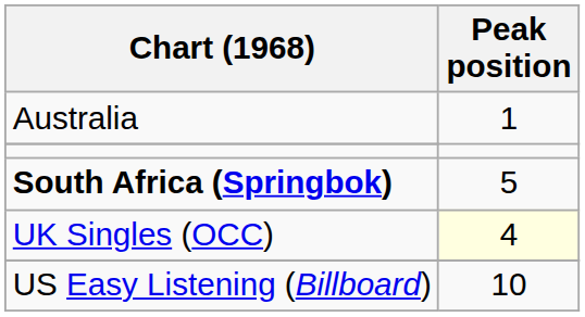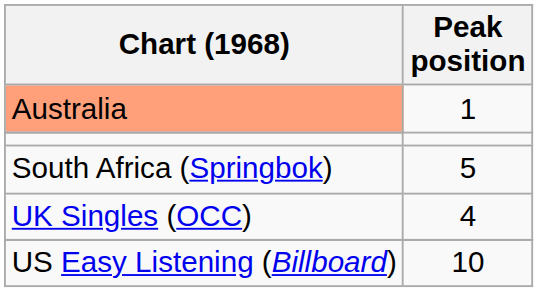 <table class="wikitable sortable">
 <tr>
 <th>Chart (1968)</th>
 <th>Peak<br>position</th>
 </tr>
 <tr>
-<td>Australia</td>
+<td style="background: lightsalmon;">Australia</td>
 <td style="text-align:center;">1</td>
 </tr>
 <tr>
 </tr>
 <tr>
 <td></td>
 </tr>
 <tr>
-<td><strong>South Africa (<a href='#'>Springbok</a>)</strong></td>
+<td>South Africa (<a href='#'>Springbok</a>)</td>
 <td style="text-align:center;">5</td>
 </tr>
 <tr>
 <td><a href='#'>UK Singles</a> (<a href='#'>OCC</a>)</td>
-<td style="background: lightyellow; text-align:center;">4</td>
+<td style="text-align:center;">4</td>
 </tr>
 <tr>
 </tr>
 <tr>
 <td>US <a href='#'>Easy Listening</a> (<em><a href='#'>Billboard</a></em>)</td>
 <td style="text-align:center;">10</td>
 </tr>
 </table>
